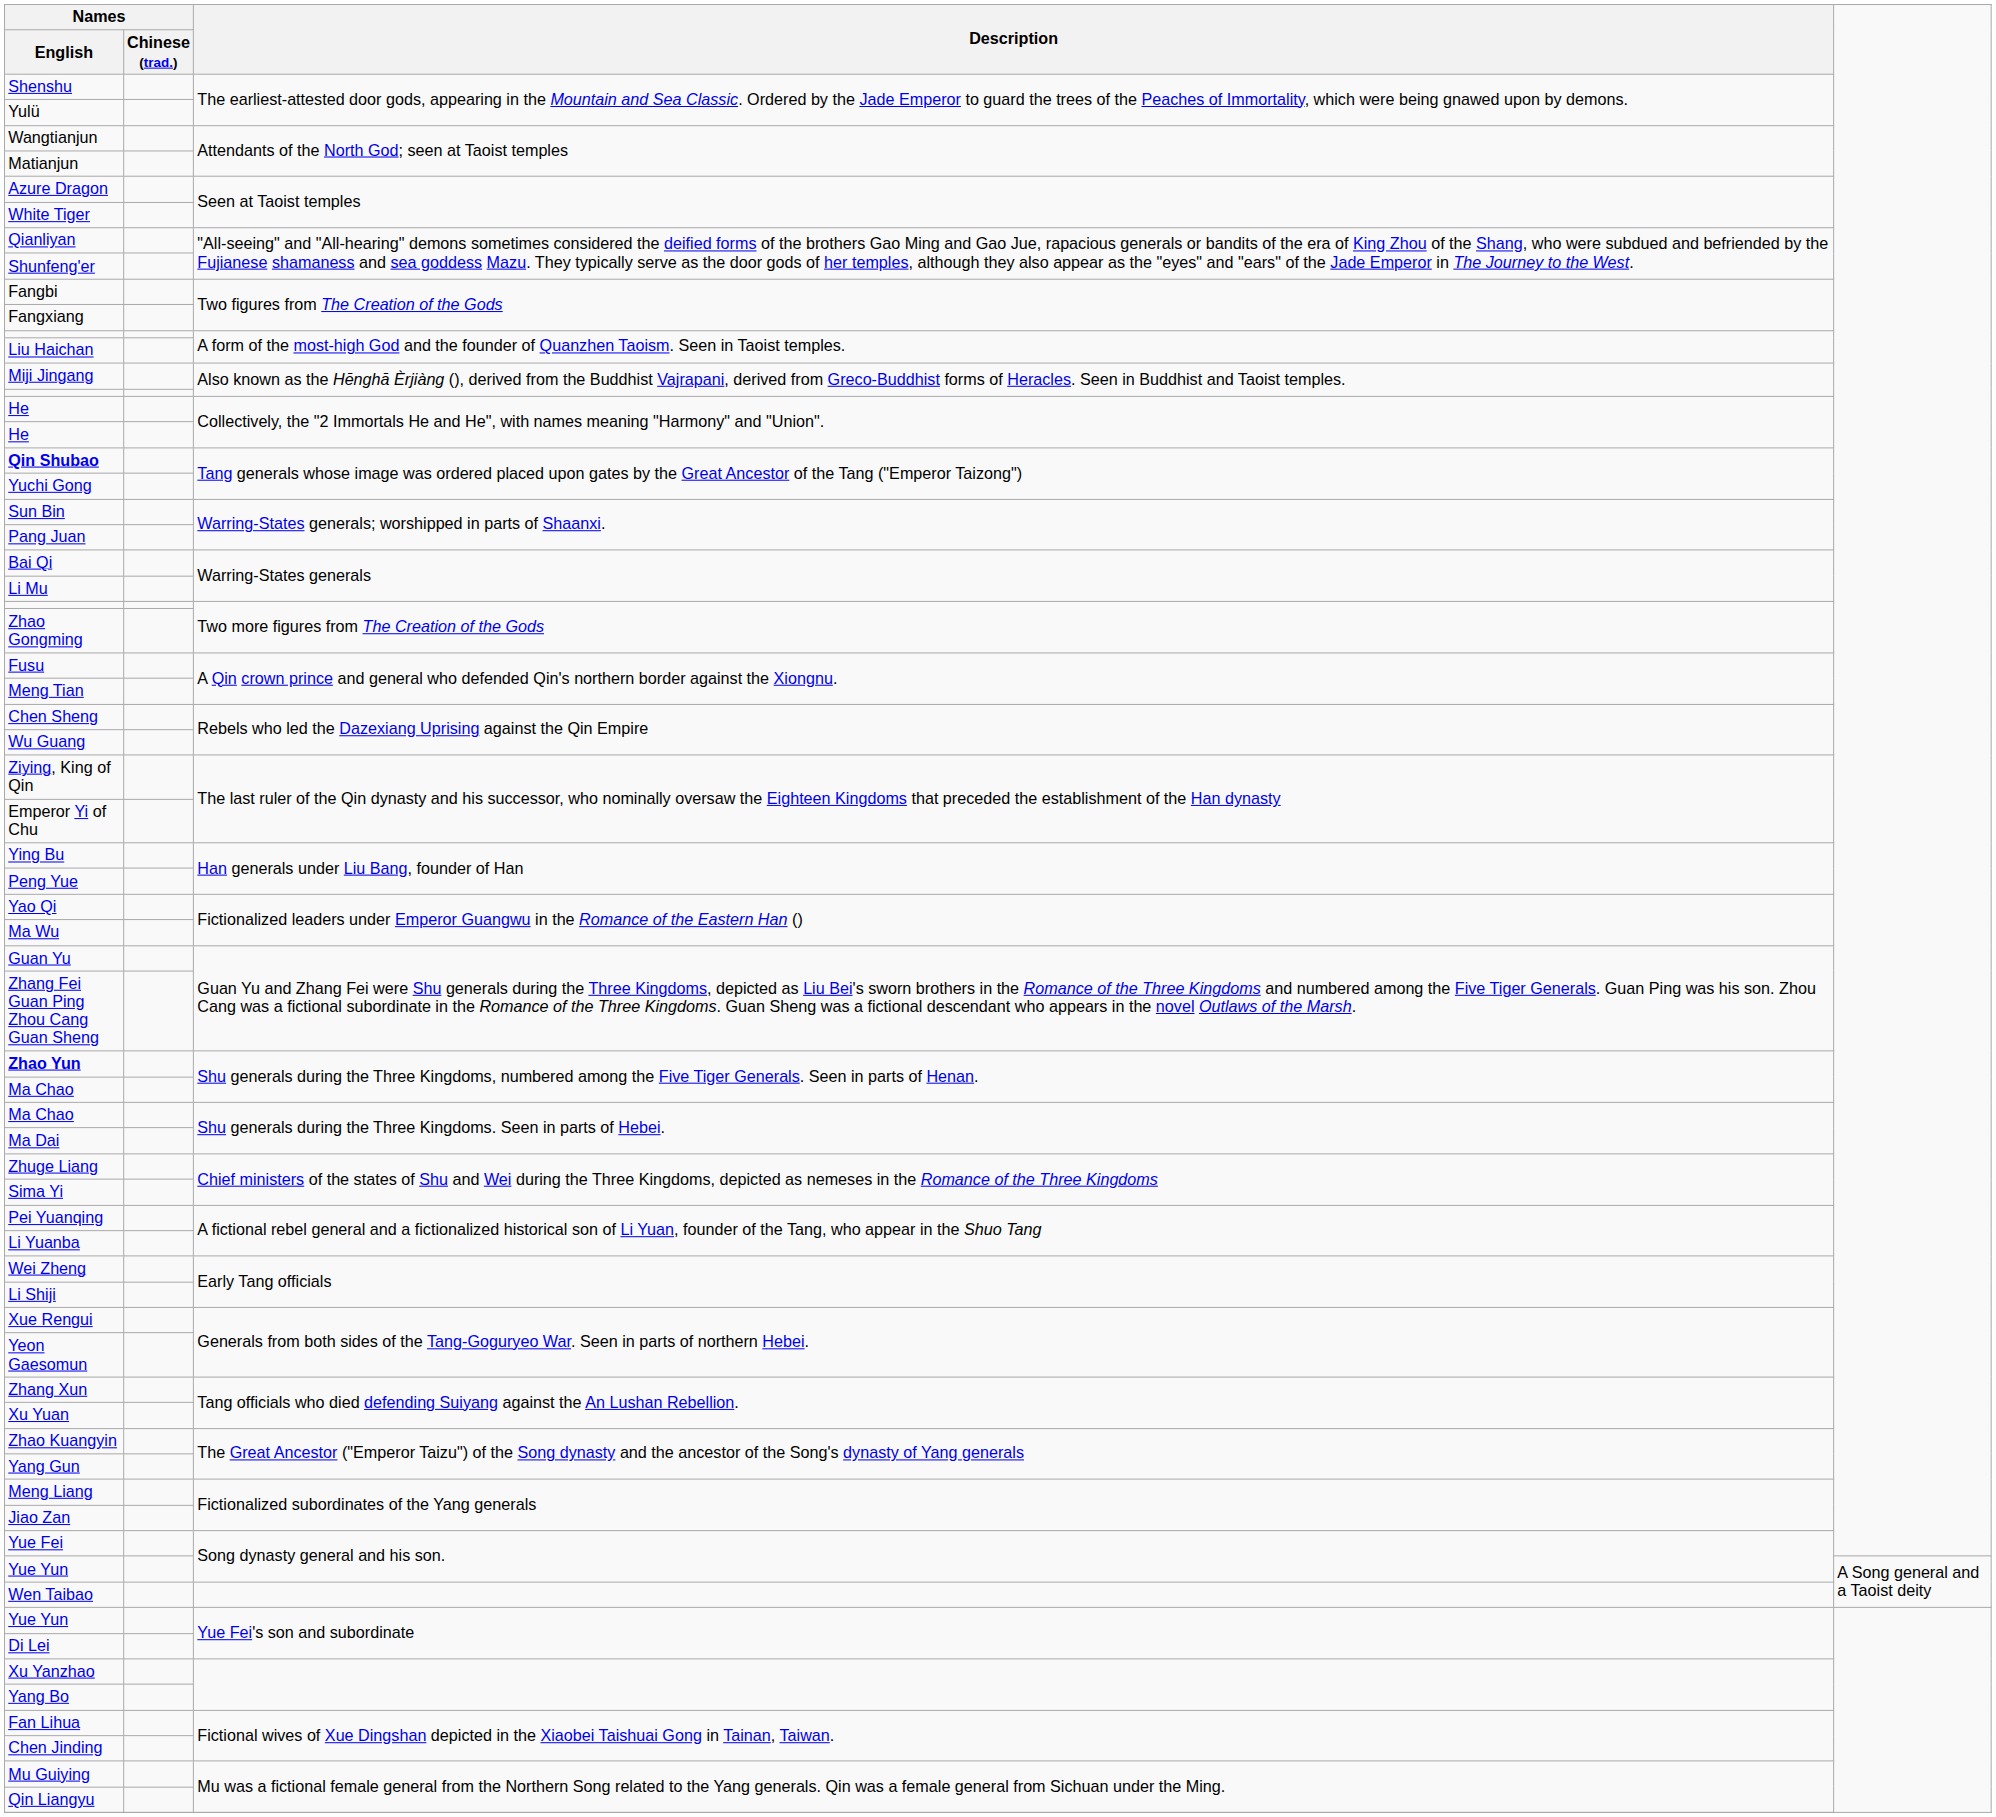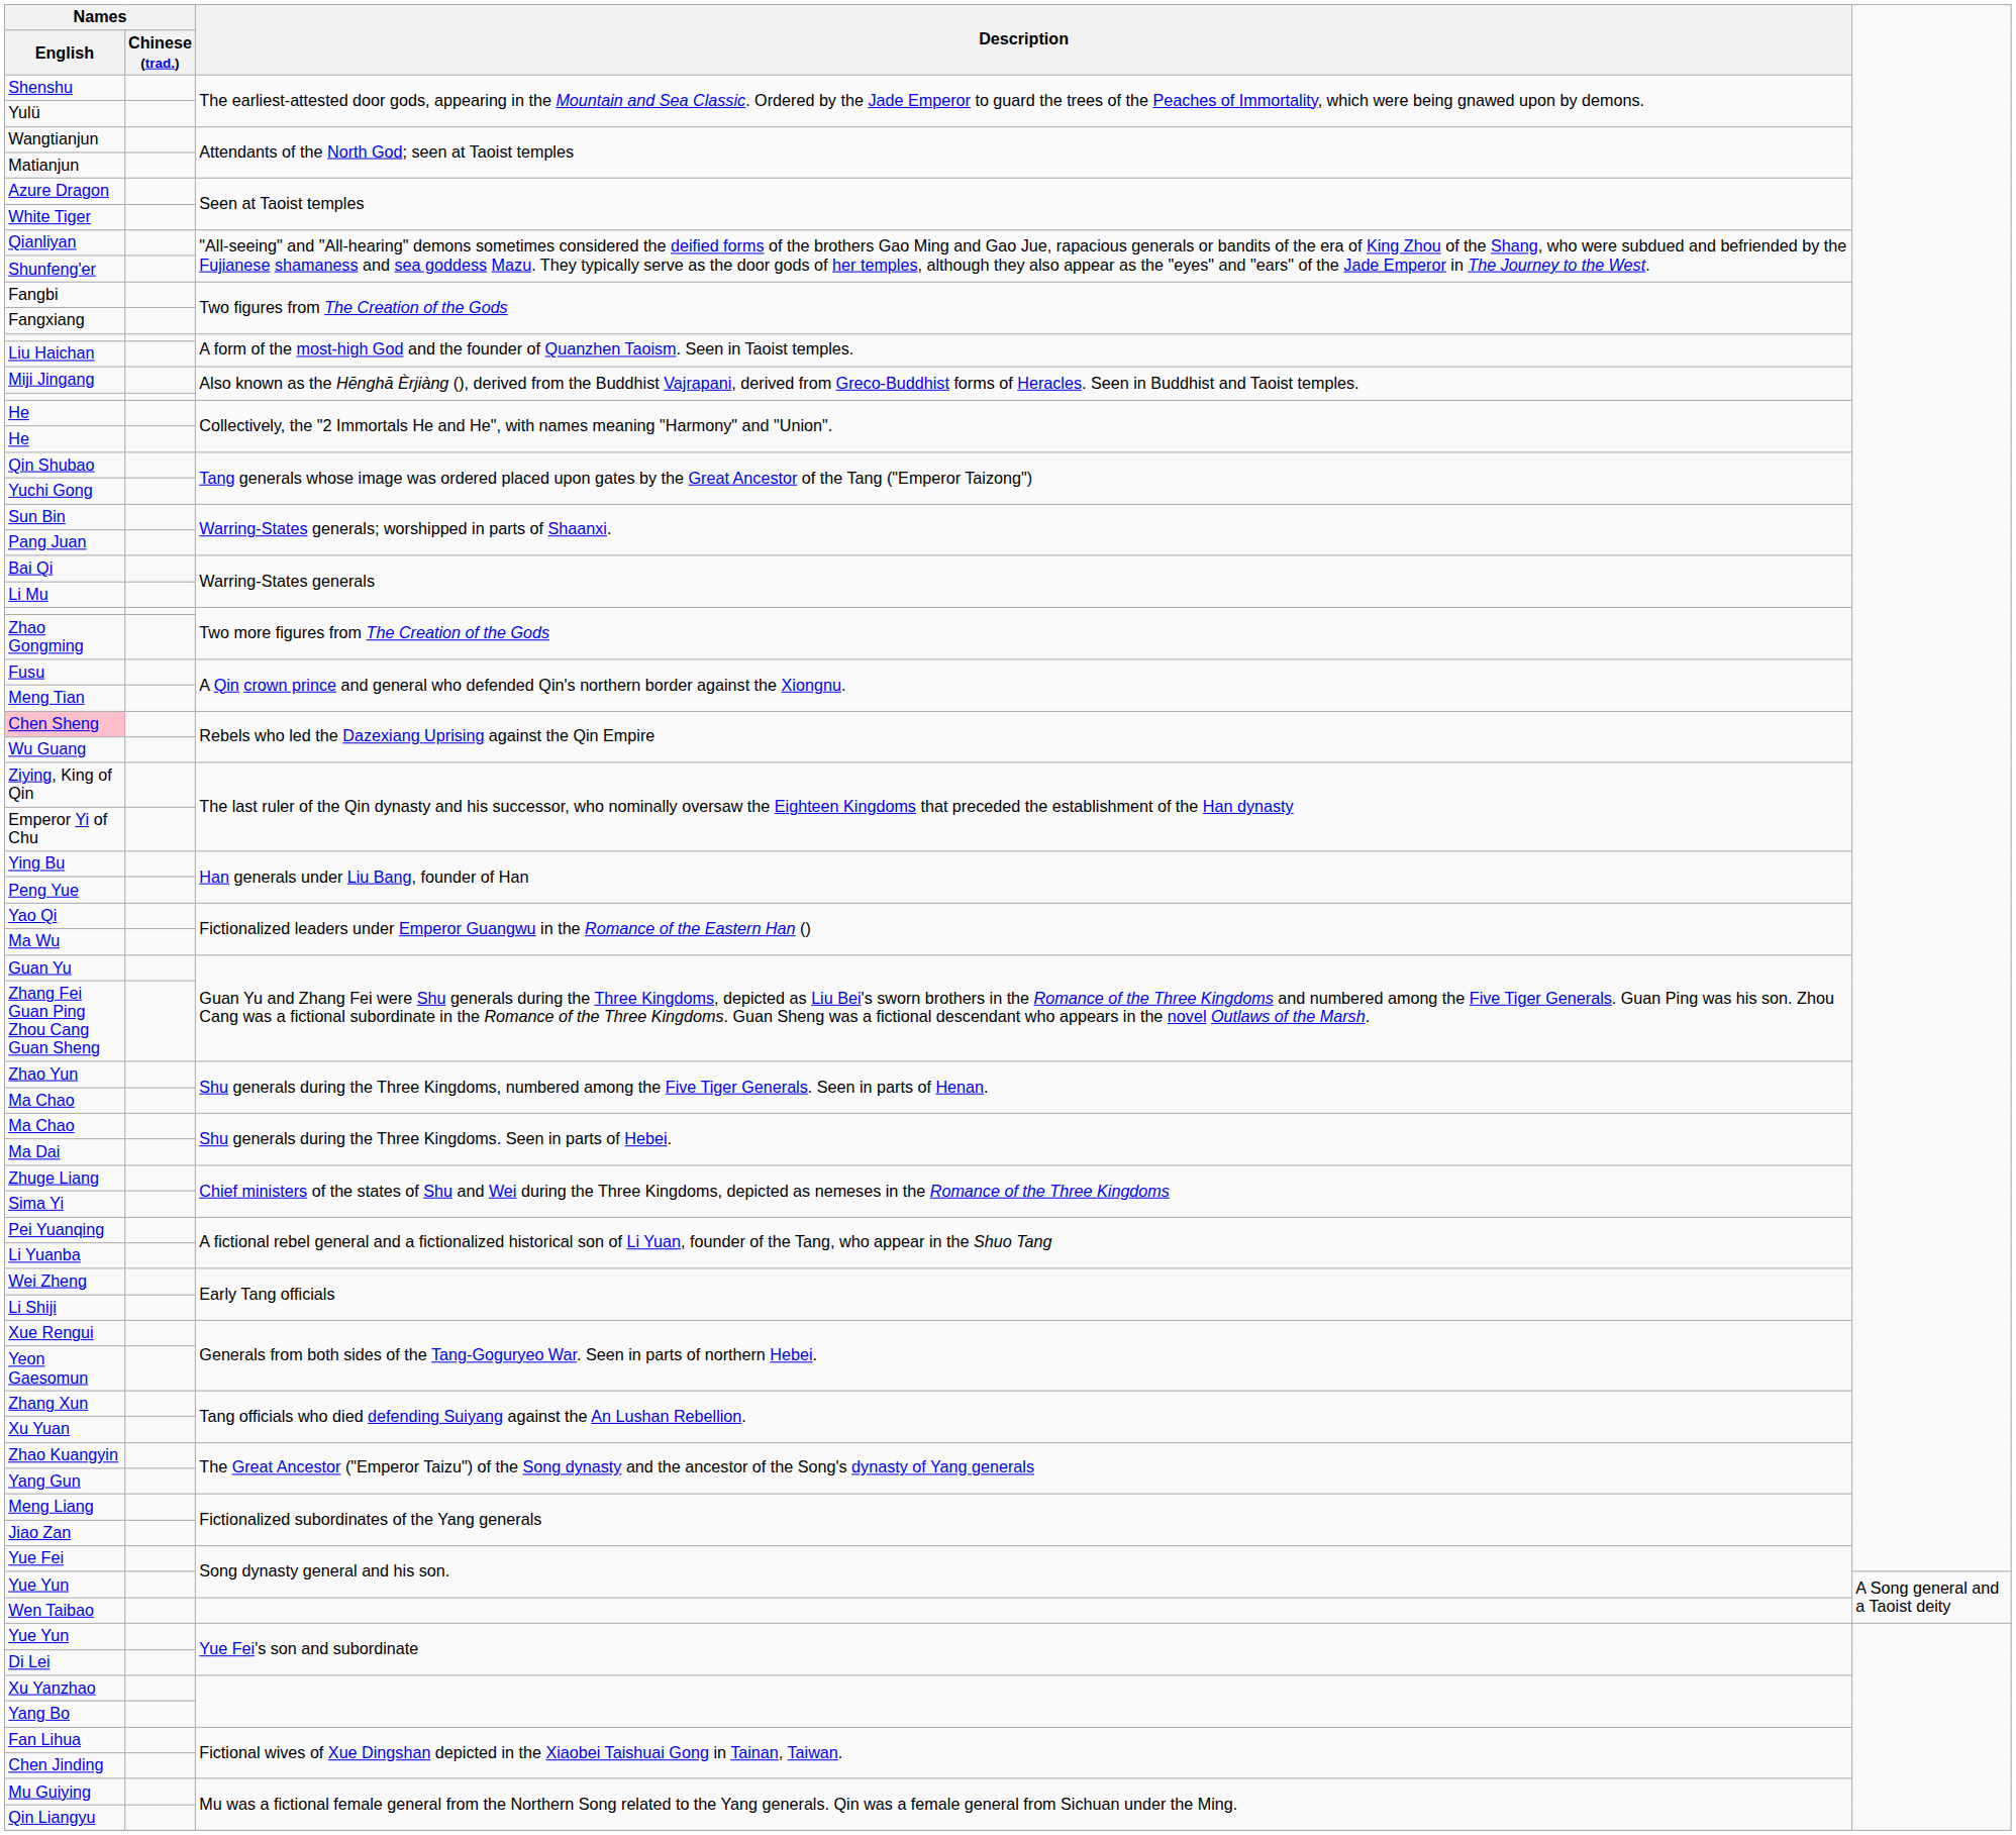 <table class="wikitable">
 <tr>
 <th colspan=2>Names</th>
 <th rowspan=2>Description</th>
 </tr>
 <tr>
 <th>English</th>
 <th>Chinese<br><small>(<a href='#'>trad.</a>)</small></th>
 </tr>
 <tr>
 <td><a href='#'>Shenshu</a></td>
 <td></td>
 <td rowspan=2>The earliest-attested door gods, appearing in the <em><a href='#'>Mountain and Sea Classic</a></em>. Ordered by the <a href='#'>Jade Emperor</a> to guard the trees of the <a href='#'>Peaches of Immortality</a>, which were being gnawed upon by demons.</td>
 </tr>
 <tr>
 <td>Yulü</td>
 <td></td>
 </tr>
 <tr>
 <td>Wangtianjun</td>
 <td></td>
 <td rowspan=2>Attendants of the <a href='#'>North God</a>; seen at Taoist temples</td>
 </tr>
 <tr>
 <td>Matianjun</td>
 <td></td>
 </tr>
 <tr>
 <td><a href='#'>Azure Dragon</a></td>
 <td></td>
 <td rowspan=2>Seen at Taoist temples</td>
 </tr>
 <tr>
 <td><a href='#'>White Tiger</a></td>
 <td></td>
 </tr>
 <tr>
 <td><a href='#'>Qianliyan</a></td>
 <td></td>
 <td rowspan=2>"All-seeing" and "All-hearing" demons sometimes considered the <a href='#'>deified forms</a> of the brothers Gao Ming and Gao Jue, rapacious generals or bandits of the era of <a href='#'>King Zhou</a> of the <a href='#'>Shang</a>, who were subdued and befriended by the <a href='#'>Fujianese</a> <a href='#'>shamaness</a> and <a href='#'>sea goddess</a> <a href='#'>Mazu</a>. They typically serve as the door gods of <a href='#'>her temples</a>, although they also appear as the "eyes" and "ears" of the <a href='#'>Jade Emperor</a> in <em><a href='#'>The Journey to the West</a></em>.</td>
 </tr>
 <tr>
 <td><a href='#'>Shunfeng'er</a></td>
 <td></td>
 </tr>
 <tr>
 <td>Fangbi</td>
 <td></td>
 <td rowspan=2>Two figures from <em><a href='#'>The Creation of the Gods</a></em></td>
 </tr>
 <tr>
 <td>Fangxiang</td>
 <td></td>
 </tr>
 <tr>
 <td></td>
 <td></td>
 <td rowspan=2>A form of the <a href='#'>most-high God</a> and the founder of <a href='#'>Quanzhen Taoism</a>. Seen in Taoist temples.</td>
 </tr>
 <tr>
 <td><a href='#'>Liu Haichan</a></td>
 <td></td>
 </tr>
 <tr>
 <td><a href='#'>Miji Jingang</a></td>
 <td></td>
 <td rowspan=2>Also known as the <em>Hēnghā Èrjiàng</em> (), derived from the Buddhist <a href='#'>Vajrapani</a>, derived from <a href='#'>Greco-Buddhist</a> forms of <a href='#'>Heracles</a>. Seen in Buddhist and Taoist temples.</td>
 </tr>
 <tr>
 <td></td>
 <td></td>
 </tr>
 <tr>
 <td><a href='#'>He</a></td>
 <td></td>
 <td rowspan=2>Collectively, the "2 Immortals He and He", with names meaning "Harmony" and "Union".</td>
 </tr>
 <tr>
 <td><a href='#'>He</a></td>
 <td></td>
 </tr>
 <tr>
-<td><strong><a href='#'>Qin Shubao</a></strong></td>
+<td><a href='#'>Qin Shubao</a></td>
 <td></td>
 <td rowspan=2><a href='#'>Tang</a> generals whose image was ordered placed upon gates by the <a href='#'>Great Ancestor</a> of the Tang ("Emperor Taizong")</td>
 </tr>
 <tr>
 <td><a href='#'>Yuchi Gong</a></td>
 <td></td>
 </tr>
 <tr>
 <td><a href='#'>Sun Bin</a></td>
 <td></td>
 <td rowspan=2><a href='#'>Warring-States</a> generals; worshipped in parts of <a href='#'>Shaanxi</a>.</td>
 </tr>
 <tr>
 <td><a href='#'>Pang Juan</a></td>
 <td></td>
 </tr>
 <tr>
 <td><a href='#'>Bai Qi</a></td>
 <td></td>
 <td rowspan=2>Warring-States generals</td>
 </tr>
 <tr>
 <td><a href='#'>Li Mu</a></td>
 <td></td>
 </tr>
 <tr>
 <td></td>
 <td></td>
 <td rowspan=2>Two more figures from <em><a href='#'>The Creation of the Gods</a></em></td>
 </tr>
 <tr>
 <td><a href='#'>Zhao Gongming</a></td>
 <td></td>
 </tr>
 <tr>
 <td><a href='#'>Fusu</a></td>
 <td></td>
 <td rowspan=2>A <a href='#'>Qin</a> <a href='#'>crown prince</a> and general who defended Qin's northern border against the <a href='#'>Xiongnu</a>.</td>
 </tr>
 <tr>
 <td><a href='#'>Meng Tian</a></td>
 <td></td>
 </tr>
 <tr>
-<td><a href='#'>Chen Sheng</a></td>
+<td style="background: pink;"><a href='#'>Chen Sheng</a></td>
 <td></td>
 <td rowspan=2>Rebels who led the <a href='#'>Dazexiang Uprising</a> against the Qin Empire</td>
 </tr>
 <tr>
 <td><a href='#'>Wu Guang</a></td>
 <td></td>
 </tr>
 <tr>
 <td><a href='#'>Ziying</a>, King of Qin</td>
 <td></td>
 <td rowspan=2>The last ruler of the Qin dynasty and his successor, who nominally oversaw the <a href='#'>Eighteen Kingdoms</a> that preceded the establishment of the <a href='#'>Han dynasty</a></td>
 </tr>
 <tr>
 <td>Emperor <a href='#'>Yi</a> of Chu</td>
 <td></td>
 </tr>
 <tr>
 <td><a href='#'>Ying Bu</a></td>
 <td></td>
 <td rowspan=2><a href='#'>Han</a> generals under <a href='#'>Liu Bang</a>, founder of Han</td>
 </tr>
 <tr>
 <td><a href='#'>Peng Yue</a></td>
 <td></td>
 </tr>
 <tr>
 <td><a href='#'>Yao Qi</a></td>
 <td></td>
 <td rowspan=2>Fictionalized leaders under <a href='#'>Emperor Guangwu</a> in the <em><a href='#'>Romance of the Eastern Han</a></em> ()</td>
 </tr>
 <tr>
 <td><a href='#'>Ma Wu</a></td>
 <td></td>
 </tr>
 <tr>
 <td><a href='#'>Guan Yu</a></td>
 <td></td>
 <td rowspan=2>Guan Yu and Zhang Fei were <a href='#'>Shu</a> generals during the <a href='#'>Three Kingdoms</a>, depicted as <a href='#'>Liu Bei</a>'s sworn brothers in the <em><a href='#'>Romance of the Three Kingdoms</a></em> and numbered among the <a href='#'>Five Tiger Generals</a>. Guan Ping was his son. Zhou Cang was a fictional subordinate in the <em>Romance of the Three Kingdoms</em>. Guan Sheng was a fictional descendant who appears in the <a href='#'>novel</a> <em><a href='#'>Outlaws of the Marsh</a></em>.</td>
 </tr>
 <tr>
 <td><a href='#'>Zhang Fei</a><br><a href='#'>Guan Ping</a><br><a href='#'>Zhou Cang</a><br><a href='#'>Guan Sheng</a></td>
 <td></td>
 </tr>
 <tr>
-<td><strong><a href='#'>Zhao Yun</a></strong></td>
+<td><a href='#'>Zhao Yun</a></td>
 <td></td>
 <td rowspan=2><a href='#'>Shu</a> generals during the Three Kingdoms, numbered among the <a href='#'>Five Tiger Generals</a>. Seen in parts of <a href='#'>Henan</a>.</td>
 </tr>
 <tr>
 <td><a href='#'>Ma Chao</a></td>
 <td></td>
 </tr>
 <tr>
 <td><a href='#'>Ma Chao</a></td>
 <td></td>
 <td rowspan=2><a href='#'>Shu</a> generals during the Three Kingdoms. Seen in parts of <a href='#'>Hebei</a>.</td>
 </tr>
 <tr>
 <td><a href='#'>Ma Dai</a></td>
 <td></td>
 </tr>
 <tr>
 <td><a href='#'>Zhuge Liang</a></td>
 <td></td>
 <td rowspan=2><a href='#'>Chief ministers</a> of the states of <a href='#'>Shu</a> and <a href='#'>Wei</a> during the Three Kingdoms, depicted as nemeses in the <em><a href='#'>Romance of the Three Kingdoms</a></em></td>
 </tr>
 <tr>
 <td><a href='#'>Sima Yi</a></td>
 <td></td>
 </tr>
 <tr>
 <td><a href='#'>Pei Yuanqing</a></td>
 <td></td>
 <td rowspan=2>A fictional rebel general and a fictionalized historical son of <a href='#'>Li Yuan</a>, founder of the Tang, who appear in the <em>Shuo Tang</em></td>
 </tr>
 <tr>
 <td><a href='#'>Li Yuanba</a></td>
 <td></td>
 </tr>
 <tr>
 <td><a href='#'>Wei Zheng</a></td>
 <td></td>
 <td rowspan=2>Early Tang officials</td>
 </tr>
 <tr>
 <td><a href='#'>Li Shiji</a></td>
 <td></td>
 </tr>
 <tr>
 <td><a href='#'>Xue Rengui</a></td>
 <td></td>
 <td rowspan=2>Generals from both sides of the <a href='#'>Tang-Goguryeo War</a>. Seen in parts of northern <a href='#'>Hebei</a>.</td>
 </tr>
 <tr>
 <td><a href='#'>Yeon Gaesomun</a></td>
 <td></td>
 </tr>
 <tr>
 <td><a href='#'>Zhang Xun</a></td>
 <td></td>
 <td rowspan=2>Tang officials who died <a href='#'>defending Suiyang</a> against the <a href='#'>An Lushan Rebellion</a>.</td>
 </tr>
 <tr>
 <td><a href='#'>Xu Yuan</a></td>
 <td></td>
 </tr>
 <tr>
 <td><a href='#'>Zhao Kuangyin</a></td>
 <td></td>
 <td rowspan=2>The <a href='#'>Great Ancestor</a> ("Emperor Taizu") of the <a href='#'>Song dynasty</a> and the ancestor of the Song's <a href='#'>dynasty of Yang generals</a></td>
 </tr>
 <tr>
 <td><a href='#'>Yang Gun</a></td>
 <td></td>
 </tr>
 <tr>
 <td><a href='#'>Meng Liang</a></td>
 <td></td>
 <td rowspan=2>Fictionalized subordinates of the Yang generals</td>
 </tr>
 <tr>
 <td><a href='#'>Jiao Zan</a></td>
 <td></td>
 </tr>
 <tr>
 <td><a href='#'>Yue Fei</a></td>
 <td></td>
 <td rowspan=2>Song dynasty general and his son.</td>
 </tr>
 <tr>
 <td><a href='#'>Yue Yun</a></td>
 <td></td>
 <td rowspan=2>A Song general and a Taoist deity</td>
 </tr>
 <tr>
 <td><a href='#'>Wen Taibao</a></td>
 <td></td>
 </tr>
 <tr>
 <td><a href='#'>Yue Yun</a></td>
 <td></td>
 <td rowspan=2><a href='#'>Yue Fei</a>'s son and subordinate</td>
 </tr>
 <tr>
 <td><a href='#'>Di Lei</a></td>
 <td></td>
 </tr>
 <tr>
 <td><a href='#'>Xu Yanzhao</a></td>
 <td></td>
 <td rowspan=2></td>
 </tr>
 <tr>
 <td><a href='#'>Yang Bo</a></td>
 <td></td>
 </tr>
 <tr>
 <td><a href='#'>Fan Lihua</a></td>
 <td></td>
 <td rowspan=2>Fictional wives of <a href='#'>Xue Dingshan</a> depicted in the <a href='#'>Xiaobei Taishuai Gong</a> in <a href='#'>Tainan</a>, <a href='#'>Taiwan</a>.</td>
 </tr>
 <tr>
 <td><a href='#'>Chen Jinding</a></td>
 <td></td>
 </tr>
 <tr>
 <td><a href='#'>Mu Guiying</a></td>
 <td></td>
 <td rowspan=2>Mu was a fictional female general from the Northern Song related to the Yang generals. Qin was a female general from Sichuan under the Ming.</td>
 </tr>
 <tr>
 <td><a href='#'>Qin Liangyu</a></td>
 <td></td>
 </tr>
 <tr>
 </tr>
 </table>
